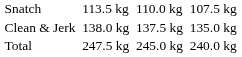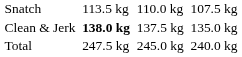 <table>
 <tr>
 <td>Snatch</td>
 <td></td>
 <td>113.5 kg</td>
 <td></td>
 <td>110.0 kg</td>
 <td></td>
 <td>107.5 kg</td>
 </tr>
 <tr>
 <td>Clean & Jerk</td>
 <td></td>
-<td>138.0 kg</td>
+<td><strong>138.0 kg</strong></td>
 <td></td>
 <td>137.5 kg</td>
 <td></td>
 <td>135.0 kg</td>
 </tr>
 <tr>
 <td>Total</td>
 <td></td>
 <td>247.5 kg</td>
 <td></td>
 <td>245.0 kg</td>
 <td></td>
 <td>240.0 kg</td>
 </tr>
 </table>
